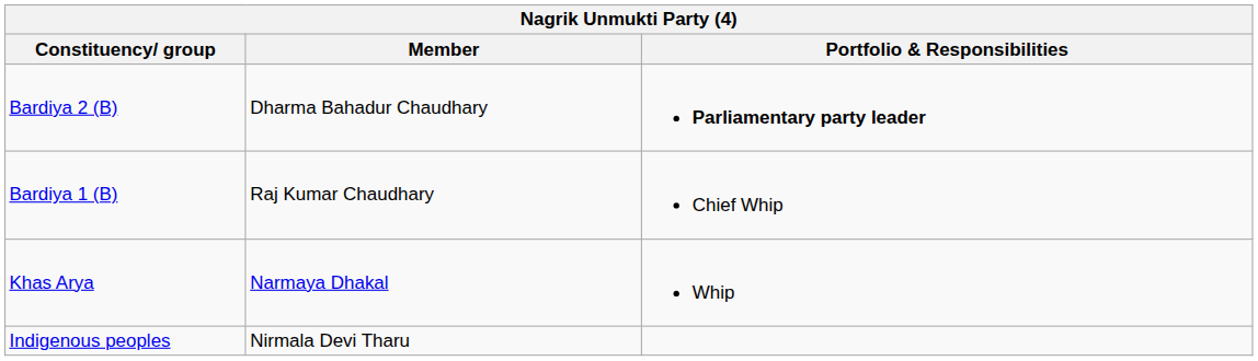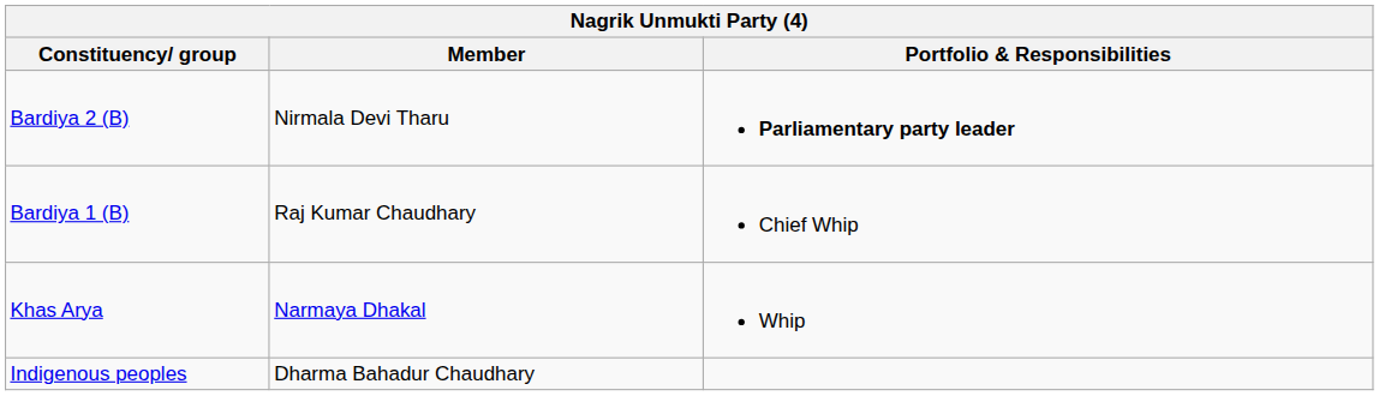 <table class="wikitable sortable">
 <tr>
 <th colspan="3" style="width: 800pt; background:">Nagrik Unmukti Party (4)</th>
 </tr>
 <tr>
 <th style="width:150pt;">Constituency/ group</th>
 <th style="width:250pt;">Member</th>
 <th>Portfolio & Responsibilities</th>
 </tr>
 <tr>
 <td><a href='#'>Bardiya 2 (B)</a></td>
-<td>Dharma Bahadur Chaudhary</td>
+<td>Nirmala Devi Tharu</td>
 <td><strong><br><ul><li>Parliamentary party leader</li></ul></strong></td>
 </tr>
 <tr>
 <td><a href='#'>Bardiya 1 (B)</a></td>
 <td>Raj Kumar Chaudhary</td>
 <td><br><ul><li>Chief Whip</li></ul></td>
 </tr>
 <tr>
 <td><a href='#'>Khas Arya</a></td>
 <td><a href='#'>Narmaya Dhakal</a></td>
 <td><br><ul><li>Whip</li></ul></td>
 </tr>
 <tr>
 <td><a href='#'>Indigenous peoples</a></td>
-<td>Nirmala Devi Tharu</td>
+<td>Dharma Bahadur Chaudhary</td>
 <td></td>
 </tr>
 </table>
